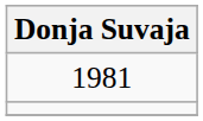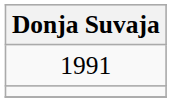 <table class="wikitable" style="margin: 0.5em auto; text-align: center;">
 <tr>
 <th colspan="1">Donja Suvaja</th>
 </tr>
 <tr>
-<td>1981</td>
+<td>1991</td>
 </tr>
 <tr>
 <td></td>
 </tr>
 <tr>
 </tr>
 </table>
